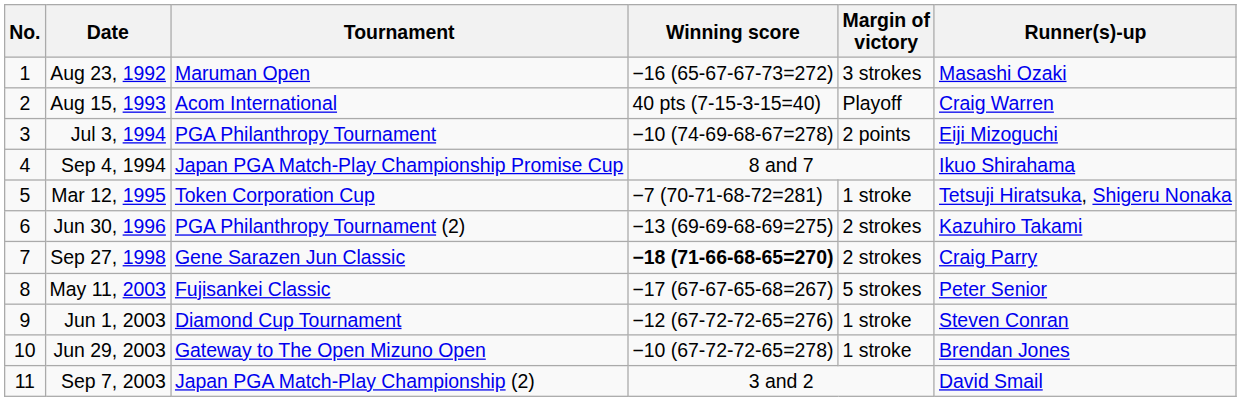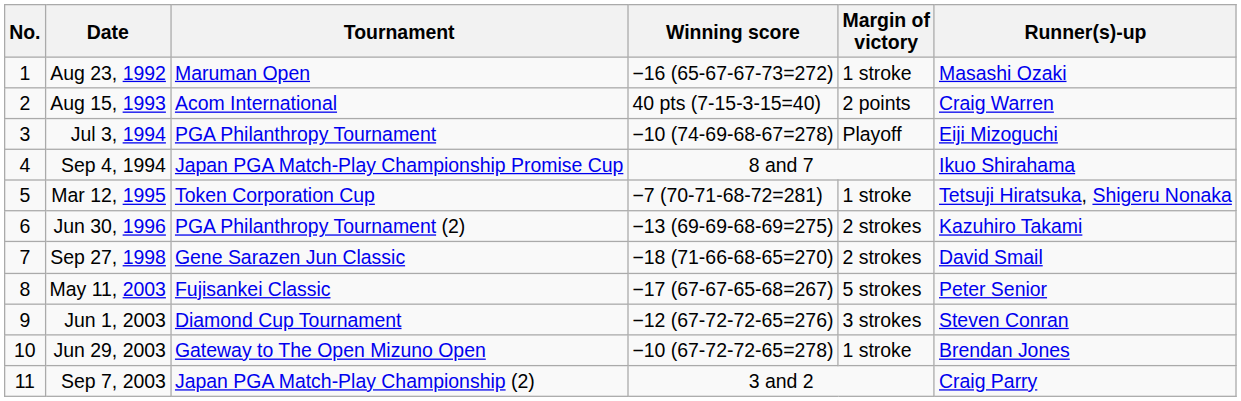 <table class="wikitable" style="font-size:95%;">
 <tr>
 <th>No.</th>
 <th>Date</th>
 <th>Tournament</th>
 <th>Winning score</th>
 <th>Margin of<br>victory</th>
 <th>Runner(s)-up</th>
 </tr>
 <tr>
 <td align=center>1</td>
 <td align=right>Aug 23, <a href='#'>1992</a></td>
 <td><a href='#'>Maruman Open</a></td>
 <td>−16 (65-67-67-73=272)</td>
-<td>3 strokes</td>
+<td>1 stroke</td>
 <td> <a href='#'>Masashi Ozaki</a></td>
 </tr>
 <tr>
 <td align=center>2</td>
 <td align=right>Aug 15, <a href='#'>1993</a></td>
 <td><a href='#'>Acom International</a></td>
 <td>40 pts (7-15-3-15=40)</td>
-<td>Playoff</td>
+<td>2 points</td>
 <td> <a href='#'>Craig Warren</a></td>
 </tr>
 <tr>
 <td align=center>3</td>
 <td align=right>Jul 3, <a href='#'>1994</a></td>
 <td><a href='#'>PGA Philanthropy Tournament</a></td>
 <td>−10 (74-69-68-67=278)</td>
-<td>2 points</td>
+<td>Playoff</td>
 <td> <a href='#'>Eiji Mizoguchi</a></td>
 </tr>
 <tr>
 <td align=center>4</td>
 <td align=right>Sep 4, 1994</td>
 <td><a href='#'>Japan PGA Match-Play Championship Promise Cup</a></td>
 <td colspan=2 align=center>8 and 7</td>
 <td> <a href='#'>Ikuo Shirahama</a></td>
 </tr>
 <tr>
 <td align=center>5</td>
 <td align=right>Mar 12, <a href='#'>1995</a></td>
 <td><a href='#'>Token Corporation Cup</a></td>
 <td>−7 (70-71-68-72=281)</td>
 <td>1 stroke</td>
 <td> <a href='#'>Tetsuji Hiratsuka</a>,  <a href='#'>Shigeru Nonaka</a></td>
 </tr>
 <tr>
 <td align=center>6</td>
 <td align=right>Jun 30, <a href='#'>1996</a></td>
 <td><a href='#'>PGA Philanthropy Tournament</a> (2)</td>
 <td>−13 (69-69-68-69=275)</td>
 <td>2 strokes</td>
 <td> <a href='#'>Kazuhiro Takami</a></td>
 </tr>
 <tr>
 <td align=center>7</td>
 <td align=right>Sep 27, <a href='#'>1998</a></td>
 <td><a href='#'>Gene Sarazen Jun Classic</a></td>
-<td><strong>−18 (71-66-68-65=270)</strong></td>
+<td>−18 (71-66-68-65=270)</td>
 <td>2 strokes</td>
-<td> <a href='#'>Craig Parry</a></td>
+<td> <a href='#'>David Smail</a></td>
 </tr>
 <tr>
 <td align=center>8</td>
 <td align=right>May 11, <a href='#'>2003</a></td>
 <td><a href='#'>Fujisankei Classic</a></td>
 <td>−17 (67-67-65-68=267)</td>
 <td>5 strokes</td>
 <td> <a href='#'>Peter Senior</a></td>
 </tr>
 <tr>
 <td align=center>9</td>
 <td align=right>Jun 1, 2003</td>
 <td><a href='#'>Diamond Cup Tournament</a></td>
 <td>−12 (67-72-72-65=276)</td>
-<td>1 stroke</td>
+<td>3 strokes</td>
 <td> <a href='#'>Steven Conran</a></td>
 </tr>
 <tr>
 <td align=center>10</td>
 <td align=right>Jun 29, 2003</td>
 <td><a href='#'>Gateway to The Open Mizuno Open</a></td>
 <td>−10 (67-72-72-65=278)</td>
 <td>1 stroke</td>
 <td> <a href='#'>Brendan Jones</a></td>
 </tr>
 <tr>
 <td align=center>11</td>
 <td align=right>Sep 7, 2003</td>
 <td><a href='#'>Japan PGA Match-Play Championship</a> (2)</td>
 <td colspan=2 align=center>3 and 2</td>
-<td> <a href='#'>David Smail</a></td>
+<td> <a href='#'>Craig Parry</a></td>
 </tr>
 </table>
